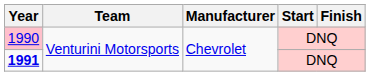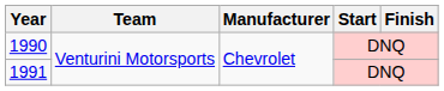 <table class="wikitable" style="font-size: 90%;">
 <tr>
 <th>Year</th>
 <th>Team</th>
 <th>Manufacturer</th>
 <th>Start</th>
 <th>Finish</th>
 </tr>
 <tr>
-<td style="background: pink;"><a href='#'>1990</a></td>
+<td><a href='#'>1990</a></td>
 <td rowspan=2><a href='#'>Venturini Motorsports</a></td>
 <td rowspan=2><a href='#'>Chevrolet</a></td>
 <td colspan=2 align=center style="background:#FFCFCF;">DNQ</td>
 </tr>
 <tr>
-<td><strong><a href='#'>1991</a></strong></td>
+<td><a href='#'>1991</a></td>
 <td colspan=2 align=center style="background:#FFCFCF;">DNQ</td>
 </tr>
 </table>
